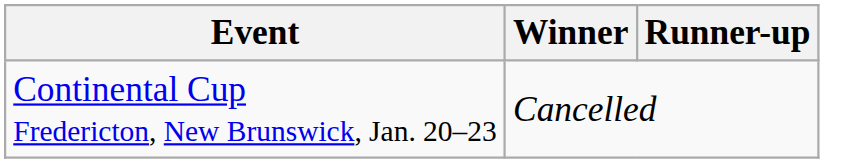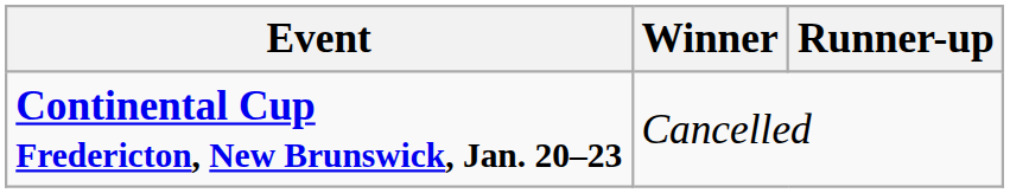 <table class="wikitable">
 <tr>
 <th>Event</th>
 <th>Winner</th>
 <th>Runner-up</th>
 </tr>
 <tr>
-<td><a href='#'>Continental Cup</a> <br> <small><a href='#'>Fredericton</a>, <a href='#'>New Brunswick</a>, Jan. 20–23</small></td>
+<td><strong><a href='#'>Continental Cup</a> <br> <small><a href='#'>Fredericton</a>, <a href='#'>New Brunswick</a>, Jan. 20–23</small></strong></td>
 <td colspan="2"><em>Cancelled</em></td>
 </tr>
 </table>
